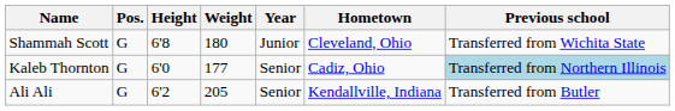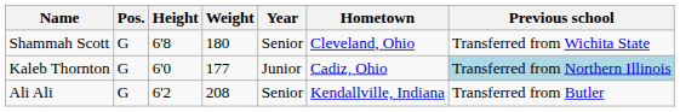 <table class="wikitable sortable" border="1">
 <tr align=center>
 <th>Name</th>
 <th>Pos.</th>
 <th>Height</th>
 <th>Weight</th>
 <th>Year</th>
 <th>Hometown</th>
 <th>Previous school</th>
 </tr>
 <tr>
 <td>Shammah Scott</td>
 <td>G</td>
 <td>6'8</td>
 <td>180</td>
-<td>Junior</td>
+<td>Senior</td>
 <td><a href='#'>Cleveland, Ohio</a></td>
 <td>Transferred from <a href='#'>Wichita State</a></td>
 </tr>
 <tr>
 <td>Kaleb Thornton</td>
 <td>G</td>
 <td>6'0</td>
 <td>177</td>
-<td>Senior</td>
+<td>Junior</td>
 <td><a href='#'>Cadiz, Ohio</a></td>
 <td style="background: lightblue;">Transferred from <a href='#'>Northern Illinois</a></td>
 </tr>
 <tr>
 <td>Ali Ali</td>
 <td>G</td>
 <td>6'2</td>
-<td>205</td>
+<td>208</td>
 <td>Senior</td>
 <td><a href='#'>Kendallville, Indiana</a></td>
 <td>Transferred from <a href='#'>Butler</a></td>
 </tr>
 </table>
